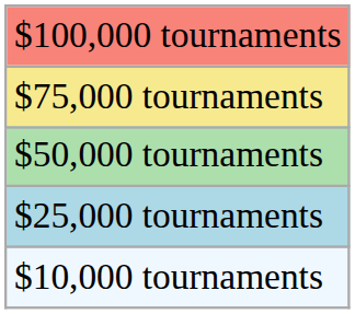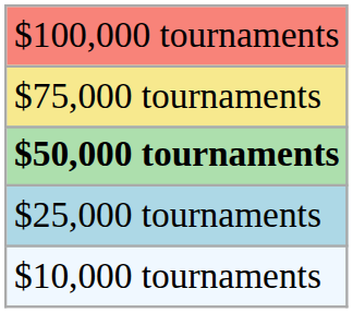 <table class=wikitable style=font-size:90%>
 <tr bgcolor=#F88379>
 <td>$100,000 tournaments</td>
 </tr>
 <tr bgcolor=#F7E98E>
 <td>$75,000 tournaments</td>
 </tr>
 <tr bgcolor=#ADDFAD>
-<td>$50,000 tournaments</td>
+<td><strong>$50,000 tournaments</strong></td>
 </tr>
 <tr bgcolor=lightblue>
 <td>$25,000 tournaments</td>
 </tr>
 <tr bgcolor=#f0f8ff>
 <td>$10,000 tournaments</td>
 </tr>
 </table>
